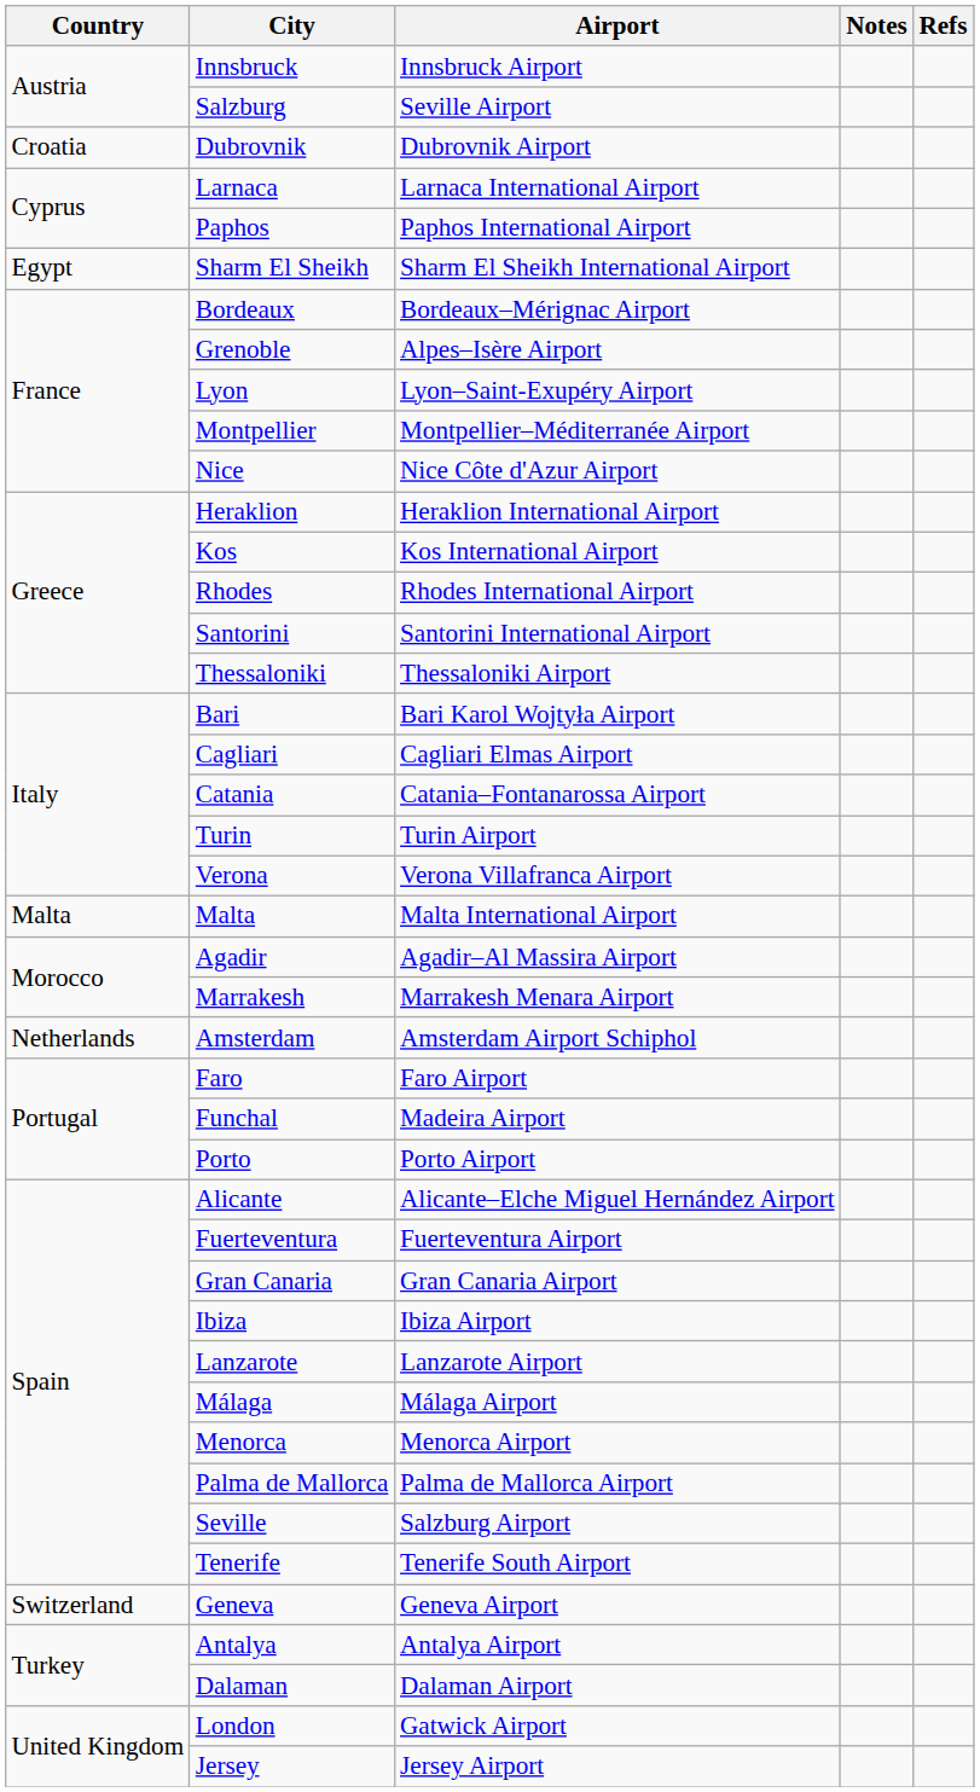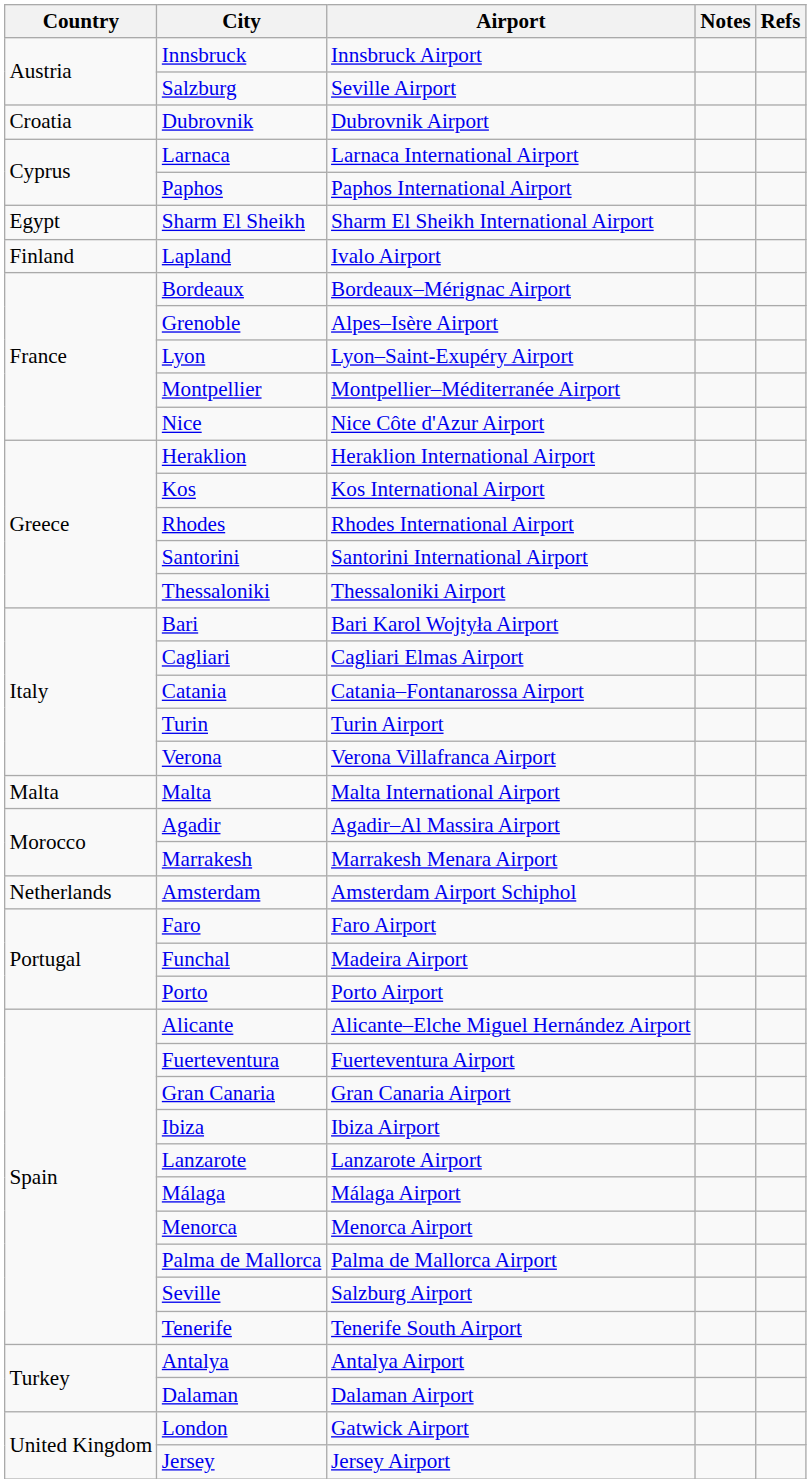 <table class="wikitable sortable">
 <tr>
 <th>Country</th>
 <th>City</th>
 <th>Airport</th>
 <th>Notes</th>
 <th>Refs</th>
 </tr>
 <tr>
 <td rowspan="2">Austria</td>
 <td><a href='#'>Innsbruck</a></td>
 <td><a href='#'>Innsbruck Airport</a></td>
 <td></td>
 <td align=center></td>
 </tr>
 <tr>
 <td><a href='#'>Salzburg</a></td>
 <td><a href='#'>Seville Airport</a></td>
 <td align=center></td>
 <td align=center></td>
 </tr>
 <tr>
 <td>Croatia</td>
 <td><a href='#'>Dubrovnik</a></td>
 <td><a href='#'>Dubrovnik Airport</a></td>
 <td></td>
 <td align=center></td>
 </tr>
 <tr>
 <td rowspan="2">Cyprus</td>
 <td><a href='#'>Larnaca</a></td>
 <td><a href='#'>Larnaca International Airport</a></td>
 <td></td>
 <td align=center></td>
 </tr>
 <tr>
 <td><a href='#'>Paphos</a></td>
 <td><a href='#'>Paphos International Airport</a></td>
 <td align=center></td>
 <td align=center></td>
 </tr>
 <tr>
 <td>Egypt</td>
 <td><a href='#'>Sharm El Sheikh</a></td>
 <td><a href='#'>Sharm El Sheikh International Airport</a></td>
 <td></td>
+<td align=center></td>
+</tr>
+<tr>
+<td>Finland</td>
+<td><a href='#'>Lapland</a></td>
+<td><a href='#'>Ivalo Airport</a></td>
+<td align=center></td>
 <td align=center></td>
 </tr>
 <tr>
 <td rowspan="5">France</td>
 <td><a href='#'>Bordeaux</a></td>
 <td><a href='#'>Bordeaux–Mérignac Airport</a></td>
 <td align=center></td>
 <td align=center></td>
 </tr>
 <tr>
 <td><a href='#'>Grenoble</a></td>
 <td><a href='#'>Alpes–Isère Airport</a></td>
 <td></td>
 <td align=center></td>
 </tr>
 <tr>
 <td><a href='#'>Lyon</a></td>
 <td><a href='#'>Lyon–Saint-Exupéry Airport</a></td>
 <td></td>
 <td align=center></td>
 </tr>
 <tr>
 <td><a href='#'>Montpellier</a></td>
 <td><a href='#'>Montpellier–Méditerranée Airport</a></td>
 <td align=center></td>
 <td align=center></td>
 </tr>
 <tr>
 <td><a href='#'>Nice</a></td>
 <td><a href='#'>Nice Côte d'Azur Airport</a></td>
 <td></td>
 <td align=center></td>
 </tr>
 <tr>
 <td rowspan="5”">Greece</td>
 <td><a href='#'>Heraklion</a></td>
 <td><a href='#'>Heraklion International Airport</a></td>
 <td></td>
 <td align=center></td>
 </tr>
 <tr>
 <td><a href='#'>Kos</a></td>
 <td><a href='#'>Kos International Airport</a></td>
 <td></td>
 <td align=center></td>
 </tr>
 <tr>
 <td><a href='#'>Rhodes</a></td>
 <td><a href='#'>Rhodes International Airport</a></td>
 <td></td>
 <td align=center></td>
 </tr>
 <tr>
 <td><a href='#'>Santorini</a></td>
 <td><a href='#'>Santorini International Airport</a></td>
 <td></td>
 <td align=center></td>
 </tr>
 <tr>
 <td><a href='#'>Thessaloniki</a></td>
 <td><a href='#'>Thessaloniki Airport</a></td>
 <td></td>
 <td align=center></td>
 </tr>
 <tr>
 <td rowspan="5”">Italy</td>
 <td><a href='#'>Bari</a></td>
 <td><a href='#'>Bari Karol Wojtyła Airport</a></td>
 <td></td>
 <td align=center></td>
 </tr>
 <tr>
 <td><a href='#'>Cagliari</a></td>
 <td><a href='#'>Cagliari Elmas Airport</a></td>
 <td></td>
 <td align=center></td>
 </tr>
 <tr>
 <td><a href='#'>Catania</a></td>
 <td><a href='#'>Catania–Fontanarossa Airport</a></td>
 <td></td>
 <td align=center></td>
 </tr>
 <tr>
 <td><a href='#'>Turin</a></td>
 <td><a href='#'>Turin Airport</a></td>
 <td align=center></td>
 <td align=center></td>
 </tr>
 <tr>
 <td><a href='#'>Verona</a></td>
 <td><a href='#'>Verona Villafranca Airport</a></td>
 <td align=center></td>
 <td align=center></td>
 </tr>
 <tr>
 <td>Malta</td>
 <td><a href='#'>Malta</a></td>
 <td><a href='#'>Malta International Airport</a></td>
 <td align=center></td>
 <td align=center></td>
 </tr>
 <tr>
 <td rowspan="2">Morocco</td>
 <td><a href='#'>Agadir</a></td>
 <td><a href='#'>Agadir–Al Massira Airport</a></td>
 <td align=center></td>
 <td align=center></td>
 </tr>
 <tr>
 <td><a href='#'>Marrakesh</a></td>
 <td><a href='#'>Marrakesh Menara Airport</a></td>
 <td align=center></td>
 <td align=center></td>
 </tr>
 <tr>
 <td>Netherlands</td>
 <td><a href='#'>Amsterdam</a></td>
 <td><a href='#'>Amsterdam Airport Schiphol</a></td>
 <td align=center></td>
 <td align=center></td>
 </tr>
 <tr>
 <td rowspan="3">Portugal</td>
 <td><a href='#'>Faro</a></td>
 <td><a href='#'>Faro Airport</a></td>
 <td align=center></td>
 <td align=center></td>
 </tr>
 <tr>
 <td><a href='#'>Funchal</a></td>
 <td><a href='#'>Madeira Airport</a></td>
 <td align=center></td>
 <td align=center></td>
 </tr>
 <tr>
 <td><a href='#'>Porto</a></td>
 <td><a href='#'>Porto Airport</a></td>
 <td align=center></td>
 <td align=center></td>
 </tr>
 <tr>
 <td rowspan="10”">Spain</td>
 <td><a href='#'>Alicante</a></td>
 <td><a href='#'>Alicante–Elche Miguel Hernández Airport</a></td>
 <td align=center></td>
 <td align=center></td>
 </tr>
 <tr>
 <td><a href='#'>Fuerteventura</a></td>
 <td><a href='#'>Fuerteventura Airport</a></td>
 <td></td>
 <td align=center></td>
 </tr>
 <tr>
 <td><a href='#'>Gran Canaria</a></td>
 <td><a href='#'>Gran Canaria Airport</a></td>
 <td align=center></td>
 <td align=center></td>
 </tr>
 <tr>
 <td><a href='#'>Ibiza</a></td>
 <td><a href='#'>Ibiza Airport</a></td>
 <td></td>
 <td align=center></td>
 </tr>
 <tr>
 <td><a href='#'>Lanzarote</a></td>
 <td><a href='#'>Lanzarote Airport</a></td>
 <td align=center></td>
 <td align=center></td>
 </tr>
 <tr>
 <td><a href='#'>Málaga</a></td>
 <td><a href='#'>Málaga Airport</a></td>
 <td align=center></td>
 <td align=center></td>
 </tr>
 <tr>
 <td><a href='#'>Menorca</a></td>
 <td><a href='#'>Menorca Airport</a></td>
 <td></td>
 <td align=center></td>
 </tr>
 <tr>
 <td><a href='#'>Palma de Mallorca</a></td>
 <td><a href='#'>Palma de Mallorca Airport</a></td>
 <td align=center></td>
 <td align=center></td>
 </tr>
 <tr>
 <td><a href='#'>Seville</a></td>
 <td><a href='#'>Salzburg Airport</a></td>
 <td align=center></td>
 <td align=center></td>
 </tr>
 <tr>
 <td><a href='#'>Tenerife</a></td>
 <td><a href='#'>Tenerife South Airport</a></td>
 <td align=center></td>
 <td align=center></td>
 </tr>
 <tr>
-<td>Switzerland</td>
-<td><a href='#'>Geneva</a></td>
-<td><a href='#'>Geneva Airport</a></td>
-<td></td>
-<td align=center></td>
-</tr>
-<tr>
 <td rowspan="2">Turkey</td>
 <td><a href='#'>Antalya</a></td>
 <td><a href='#'>Antalya Airport</a></td>
 <td></td>
 <td align=center></td>
 </tr>
 <tr>
 <td><a href='#'>Dalaman</a></td>
 <td><a href='#'>Dalaman Airport</a></td>
 <td></td>
 <td align=center></td>
 </tr>
 <tr>
 <td rowspan="2">United Kingdom</td>
 <td><a href='#'>London</a></td>
 <td><a href='#'>Gatwick Airport</a></td>
 <td></td>
 <td align=center></td>
 </tr>
 <tr>
 <td><a href='#'>Jersey</a></td>
 <td><a href='#'>Jersey Airport</a></td>
 <td></td>
 <td align=center></td>
 </tr>
 </table>
